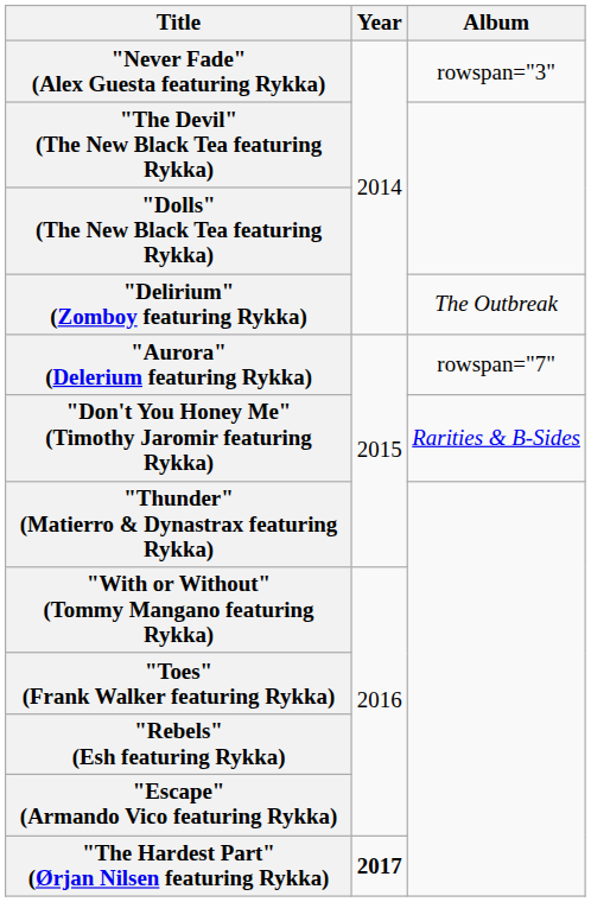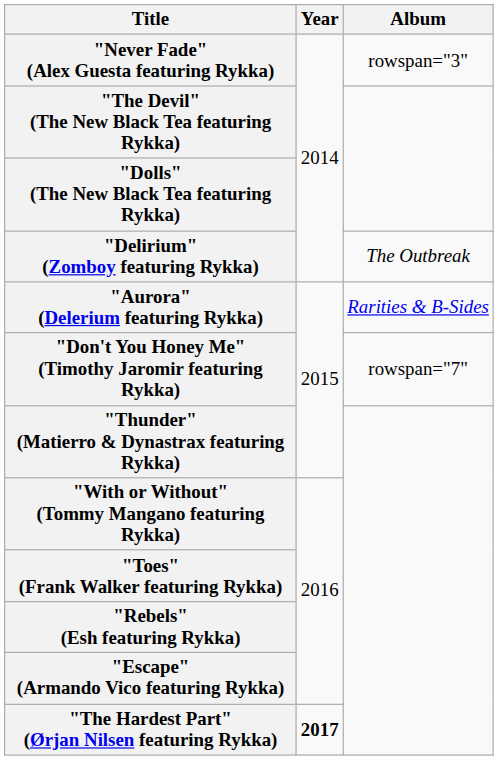 <table class="wikitable plainrowheaders" style="text-align:center;">
 <tr>
 <th scope="col" style="width:15em;">Title</th>
 <th scope="col" style="width:1em;">Year</th>
 <th scope="col">Album</th>
 </tr>
 <tr>
 <th scope="row">"Never Fade"<br><span>(Alex Guesta featuring Rykka)</span></th>
 <td rowspan="4">2014</td>
 <td>rowspan="3" </td>
 </tr>
 <tr>
 <th scope="row">"The Devil"<br><span>(The New Black Tea featuring Rykka)</span></th>
 </tr>
 <tr>
 <th scope="row">"Dolls"<br><span>(The New Black Tea featuring Rykka)</span></th>
 </tr>
 <tr>
 <th scope="row">"Delirium"<br><span>(<a href='#'>Zomboy</a> featuring Rykka)</span></th>
 <td><em>The Outbreak</em></td>
 </tr>
 <tr>
 <th scope="row">"Aurora"<br><span>(<a href='#'>Delerium</a> featuring Rykka)</span></th>
 <td rowspan="3">2015</td>
-<td>rowspan="7" </td>
+<td><em><a href='#'>Rarities & B-Sides</a></em></td>
 </tr>
 <tr>
 <th scope="row">"Don't You Honey Me"<br><span>(Timothy Jaromir featuring Rykka)</span></th>
-<td><em><a href='#'>Rarities & B-Sides</a></em></td>
+<td>rowspan="7" </td>
 </tr>
 <tr>
 <th scope="row">"Thunder"<br><span>(Matierro & Dynastrax featuring Rykka)</span></th>
 </tr>
 <tr>
 <th scope="row">"With or Without"<br><span>(Tommy Mangano featuring Rykka)</span></th>
 <td rowspan="4">2016</td>
 </tr>
 <tr>
 <th scope="row">"Toes"<br><span>(Frank Walker featuring Rykka)</span></th>
 </tr>
 <tr>
 <th scope="row">"Rebels"<br><span>(Esh featuring Rykka)</span></th>
 </tr>
 <tr>
 <th scope="row">"Escape"<br><span>(Armando Vico featuring Rykka)</span></th>
 </tr>
 <tr>
 <th scope="row">"The Hardest Part"<br><span>(<a href='#'>Ørjan Nilsen</a> featuring Rykka)</span></th>
 <td><strong>2017</strong></td>
 </tr>
 </table>
